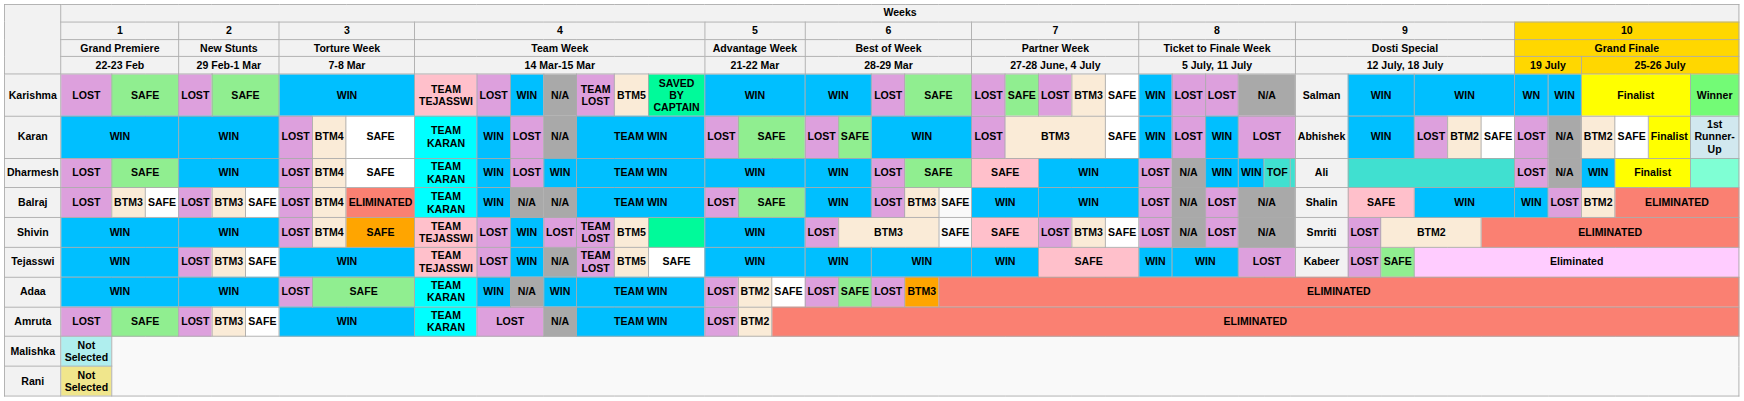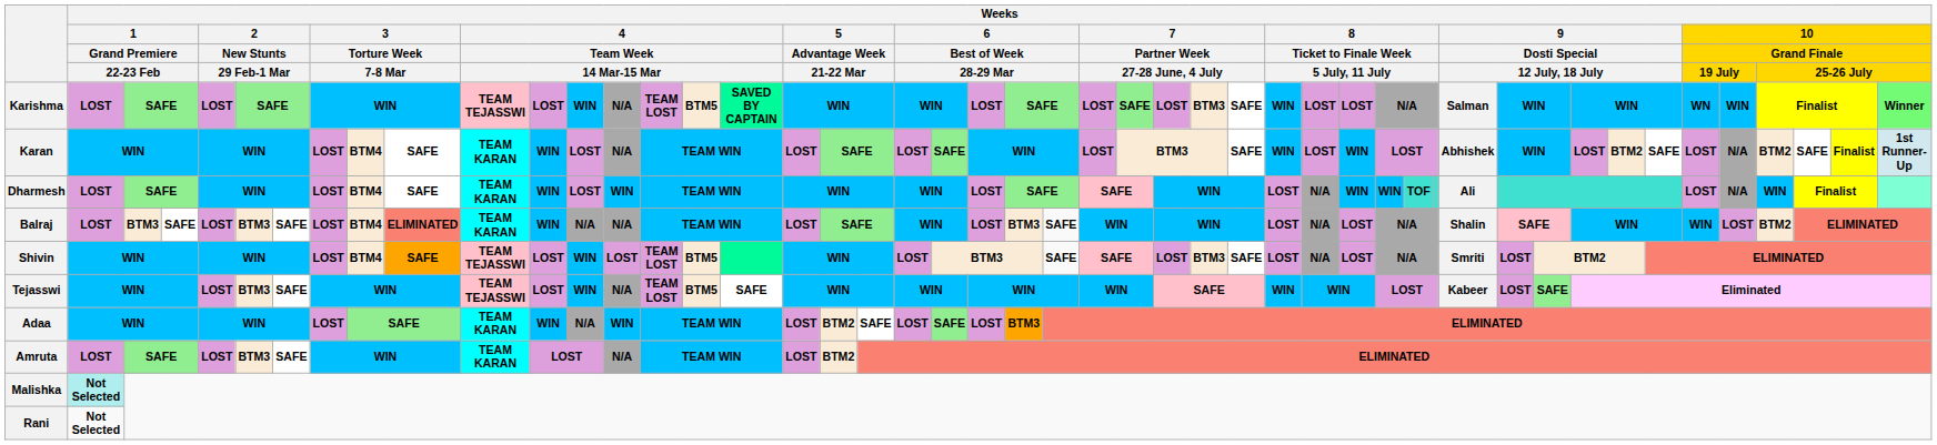 <table class="wikitable" border="2" class="wikitable" style="text-align:center; font-size:75%">
 <tr>
 <th rowspan="4"></th>
 <th colspan="51"><strong>Weeks</strong></th>
 </tr>
 <tr>
 <th colspan="3">1</th>
 <th colspan="4">2</th>
 <th colspan="4">3</th>
 <th colspan="8">4</th>
 <th colspan="3">5</th>
 <th colspan="5">6</th>
 <th colspan="5">7</th>
 <th colspan="6">8</th>
 <th colspan="6">9</th>
 <th colspan="7" style="background:gold;">10</th>
 </tr>
 <tr>
 <th colspan="3"><strong>Grand Premiere</strong></th>
 <th colspan="4"><strong>New Stunts</strong></th>
 <th colspan="4"><strong>Torture Week</strong></th>
 <th colspan="8"><strong>Team Week</strong></th>
 <th colspan="3"><strong>Advantage Week</strong></th>
 <th colspan="5"><strong>Best of Week</strong></th>
 <th colspan="5"><strong>Partner Week</strong></th>
 <th colspan="6"><strong>Ticket to Finale Week</strong></th>
 <th colspan="6"><strong>Dosti Special</strong></th>
 <th colspan="7" style="background:gold;"><strong>Grand Finale </strong></th>
 </tr>
 <tr>
 <th colspan="3">22-23 Feb</th>
 <th colspan="4">29 Feb-1 Mar</th>
 <th colspan="4">7-8 Mar</th>
 <th colspan="8">14 Mar-15 Mar</th>
 <th colspan="3">21-22 Mar</th>
 <th colspan="5">28-29 Mar</th>
 <th colspan="5">27-28 June, 4 July</th>
 <th colspan="6">5 July, 11 July</th>
 <th colspan="6">12 July, 18 July</th>
 <th colspan="2" style="background:gold;">19 July</th>
 <th colspan="5" style="background:gold;">25-26 July</th>
 </tr>
 <tr>
 <th>Karishma</th>
 <td style="background:plum;"><strong>LOST</strong></td>
 <td colspan="2" style="background:lightgreen;"><strong>SAFE</strong></td>
 <td style="background:plum;"><strong>LOST</strong></td>
 <td colspan="3" style="background:lightgreen;"><strong>SAFE</strong></td>
 <td colspan="4" style="background:deepskyblue;"><strong>WIN</strong></td>
 <th style="background:pink;">TEAM TEJASSWI</th>
 <td bgcolor="plum"><strong>LOST</strong></td>
 <td style="background:deepskyblue;"><strong>WIN</strong></td>
 <td style="background:darkgrey;"><strong>N/A</strong></td>
 <td colspan="1" bgcolor="plum"><strong>TEAM LOST</strong></td>
 <td bgcolor="antiquewhite"><strong>BTM5</strong></td>
 <td colspan="2" bgcolor="mediumspringgreen"><strong>SAVED BY CAPTAIN</strong></td>
 <td colspan="3" style="background:deepskyblue;"><strong>WIN</strong></td>
 <td colspan="2" style="background:deepskyblue;"><strong>WIN</strong></td>
 <td style="background:plum;"><strong>LOST</strong></td>
 <td colspan="2" style="background:lightgreen;"><strong>SAFE</strong></td>
 <td style="background:plum;"><strong>LOST</strong></td>
 <td colspan="1" style="background:lightgreen;"><strong>SAFE</strong></td>
 <td style="background:plum;"><strong>LOST</strong></td>
 <td style="background:antiquewhite;"><strong>BTM3</strong></td>
 <td style="background:white;"><strong>SAFE</strong></td>
 <td colspan="1" style="background:deepskyblue;"><strong>WIN</strong></td>
 <td style="background:plum;"><strong>LOST</strong></td>
 <td style="background:plum;"><strong>LOST</strong></td>
 <td colspan="3" style="background:darkgrey;"><strong>N/A</strong></td>
 <th>Salman</th>
 <td colspan="2" style="background:deepskyblue;"><strong>WIN</strong></td>
 <td colspan="3" style="background:deepskyblue;"><strong>WIN</strong></td>
 <td colspan="1" style="background:deepskyblue;"><strong>WN</strong></td>
 <td colspan="1" style="background:deepskyblue;"><strong>WIN</strong></td>
 <td colspan="4" style="background:yellow;"><strong>Finalist</strong></td>
 <td bgcolor="#73FB76"><strong>Winner</strong></td>
 </tr>
 <tr>
 <th>Karan</th>
 <td colspan="3" style="background:deepskyblue;"><strong>WIN</strong></td>
 <td colspan="4" style="background:deepskyblue;"><strong>WIN</strong></td>
 <td colspan="2" style="background:plum;"><strong>LOST</strong></td>
 <td style="background:antiquewhite;"><strong>BTM4</strong></td>
 <td style="background:white;"><strong>SAFE</strong></td>
 <td style="background:cyan;"><strong>TEAM KARAN</strong></td>
 <td bgcolor="deepskyblue"><strong>WIN</strong></td>
 <td style="background:plum;"><strong>LOST</strong></td>
 <td style="background:darkgrey;"><strong>N/A</strong></td>
 <td colspan="4" bgcolor="deepskyblue"><strong>TEAM WIN</strong></td>
 <td style="background:plum;"><strong>LOST</strong></td>
 <td colspan="2" style="background:lightgreen;"><strong>SAFE</strong></td>
 <td style="background:plum;"><strong>LOST</strong></td>
 <td style="background:lightgreen;"><strong>SAFE</strong></td>
 <td colspan="3" style="background:deepskyblue;"><strong>WIN</strong></td>
 <td colspan="1" style="background:plum;"><strong>LOST</strong></td>
 <td colspan="3" style="background: antiquewhite;"><strong>BTM3</strong></td>
 <td style="background:white;"><strong>SAFE</strong></td>
 <td colspan="1" style="background:deepskyblue;"><strong>WIN</strong></td>
 <td style="background:plum;"><strong>LOST</strong></td>
 <td style="background: deepskyblue;"><strong>WIN</strong></td>
 <td colspan="3" bgcolor="plum"><strong>LOST</strong></td>
 <th>Abhishek</th>
 <td colspan="2" style="background: deepskyblue;"><strong>WIN</strong></td>
 <td style="background:plum;"><strong>LOST</strong></td>
 <td style="background:antiquewhite;"><strong>BTM2</strong></td>
 <td style="background:white;"><strong>SAFE</strong></td>
 <td style="background:plum;"><strong>LOST</strong></td>
 <td style="background:darkgrey;"><strong>N/A</strong></td>
 <td style="background:antiquewhite;"><strong>BTM2</strong></td>
 <td style="background:white;"><strong>SAFE</strong></td>
 <td colspan="2" style="background:yellow;"><strong>Finalist</strong></td>
 <td bgcolor="#D1E8EF"><strong>1st Runner-Up</strong></td>
 </tr>
 <tr>
 <th>Dharmesh</th>
 <td style="background:plum;"><strong>LOST</strong></td>
 <td colspan="2" style="background:lightgreen;"><strong>SAFE</strong></td>
 <td colspan="4" style="background:deepskyblue;"><strong>WIN</strong></td>
 <td colspan="2" style="background:plum;"><strong>LOST</strong></td>
 <td style="background:antiquewhite;"><strong>BTM4</strong></td>
 <td style="background:white;"><strong>SAFE</strong></td>
 <td style="background:cyan;"><strong>TEAM KARAN</strong></td>
 <td bgcolor="deepskyblue"><strong>WIN</strong></td>
 <td style="background:plum;"><strong>LOST</strong></td>
 <td colspan="1" style="background:deepskyblue;"><strong>WIN</strong></td>
 <td colspan="4" style="background:deepskyblue;"><strong>TEAM WIN</strong></td>
 <td colspan="3" style="background:deepskyblue;"><strong>WIN</strong></td>
 <td colspan="2" style="background:deepskyblue;"><strong>WIN</strong></td>
 <td style="background:plum;"><strong>LOST</strong></td>
 <td colspan="2" style="background:lightgreen;"><strong>SAFE</strong></td>
 <td colspan="2" style="background:pink;"><strong>SAFE</strong></td>
 <td colspan="3" style="background:deepskyblue;"><strong>WIN</strong></td>
 <td style="background:plum;"><strong>LOST</strong></td>
 <td style="background:darkgrey;"><strong>N/A</strong></td>
 <td style="background:deepskyblue;"><strong>WIN</strong></td>
 <td style="background:deepskyblue;"><strong>WIN</strong></td>
 <td bgcolor="turquoise"><span><strong>TOF</strong></span></td>
 <td bgcolor="turquoise"></td>
 <th>Ali</th>
 <td colspan="5" bgcolor="turquoise"></td>
 <td style="background:plum;"><strong>LOST</strong></td>
 <td style="background:darkgrey;"><strong>N/A</strong></td>
 <td style="background:deepskyblue;"><strong>WIN</strong></td>
 <td colspan="3" style="background:yellow;"><strong>Finalist</strong></td>
 <td colspan="1" bgcolor="#7FFFD4"></td>
 </tr>
 <tr>
 <th>Balraj</th>
 <td style="background:plum;"><strong>LOST</strong></td>
 <td style="background:antiquewhite;"><strong>BTM3</strong></td>
 <td style="background:white;"><strong>SAFE</strong></td>
 <td colspan="2" bgcolor="plum"><strong>LOST</strong></td>
 <td style="background:antiquewhite;"><strong>BTM3</strong></td>
 <td style="background:white;"><strong>SAFE</strong></td>
 <td colspan="2" bgcolor="plum"><strong>LOST</strong></td>
 <td style="background:antiquewhite;"><strong>BTM4</strong></td>
 <td colspan="1" bgcolor="salmon"><strong>ELIMINATED</strong></td>
 <td style="background:cyan;"><strong>TEAM KARAN</strong></td>
 <td bgcolor="deepskyblue"><strong>WIN</strong></td>
 <td style="background:darkgrey;"><strong>N/A</strong></td>
 <td style="background:darkgrey;"><strong>N/A</strong></td>
 <td colspan="4" bgcolor="deepskyblue"><strong>TEAM WIN</strong></td>
 <td style="background:plum;"><strong>LOST</strong></td>
 <td colspan="2" style="background:lightgreen;"><strong>SAFE</strong></td>
 <td colspan="2" style="background:deepskyblue;"><strong>WIN</strong></td>
 <td style="background:plum;"><strong>LOST</strong></td>
 <td style="background:antiquewhite;"><strong>BTM3</strong></td>
 <td><strong>SAFE</strong></td>
 <td colspan="2" style="background:deepskyblue;"><strong>WIN</strong></td>
 <td colspan="3" style="background:deepskyblue;"><strong>WIN</strong></td>
 <td style="background:plum;"><strong>LOST</strong></td>
 <td style="background:darkgrey;"><strong>N/A</strong></td>
 <td style="background:plum;"><strong>LOST</strong></td>
 <td colspan="3" style="background:darkgrey;"><strong>N/A</strong></td>
 <th>Shalin</th>
 <td colspan="2" style="background:pink;"><strong>SAFE</strong></td>
 <td colspan="3" style="background:deepskyblue;"><strong>WIN</strong></td>
 <td colspan="1" style="background:deepskyblue;"><strong>WIN</strong></td>
 <td style="background:plum;"><strong>LOST</strong></td>
 <td style="background:antiquewhite;"><strong>BTM2</strong></td>
 <td colspan="4" style="background:salmon;"><strong>ELIMINATED</strong></td>
 </tr>
 <tr>
 <th>Shivin</th>
 <td colspan="3" style="background:deepskyblue;"><strong>WIN</strong></td>
 <td colspan="4" style="background:deepskyblue;"><strong>WIN</strong></td>
 <td colspan="2" bgcolor="plum"><strong>LOST</strong></td>
 <td style="background:antiquewhite;"><strong>BTM4</strong></td>
 <td style="background: orange;"><strong>SAFE</strong></td>
 <td style="background:pink;"><strong>TEAM TEJASSWI</strong></td>
 <td bgcolor="plum"><strong>LOST</strong></td>
 <td colspan="1" style="background:deepskyblue;"><strong>WIN</strong></td>
 <td style="background:plum;"><strong>LOST</strong></td>
 <td style="background:plum;"><strong>TEAM LOST</strong></td>
 <td bgcolor="antiquewhite"><strong>BTM5</strong></td>
 <td colspan="2" bgcolor="mediumspringgreen"></td>
 <td colspan="3" style="background:deepskyblue;"><strong>WIN</strong></td>
 <td style="background:plum;"><strong>LOST</strong></td>
 <td colspan="3" style="background:antiquewhite;"><strong>BTM3</strong></td>
 <td><strong>SAFE</strong></td>
 <td colspan="2"  style="background:pink;"><strong>SAFE</strong></td>
 <td style="background:plum;"><strong>LOST</strong></td>
 <td style="background:antiquewhite;"><strong>BTM3</strong></td>
 <td style="background:white;"><strong>SAFE</strong></td>
 <td style="background:plum;"><strong>LOST</strong></td>
 <td style="background:darkgrey;"><strong>N/A</strong></td>
 <td colspan="1"  style="background:plum;"><strong>LOST</strong></td>
 <td colspan="3" style="background:darkgrey;"><strong>N/A</strong></td>
 <th>Smriti</th>
 <td style="background:plum;"><strong>LOST</strong></td>
 <td colspan="3" style="background:antiquewhite;"><strong>BTM2</strong></td>
 <td colspan="8" bgcolor="salmon"><strong>ELIMINATED</strong></td>
 </tr>
 <tr>
 <th>Tejasswi</th>
 <td colspan="3" style="background:deepskyblue;"><strong>WIN</strong></td>
 <td colspan="2" bgcolor="plum"><strong>LOST</strong></td>
 <td style="background:antiquewhite;"><strong>BTM3</strong></td>
 <td style="background:white;"><strong>SAFE</strong></td>
 <td colspan="4" style="background:deepskyblue;"><strong>WIN</strong></td>
 <td style="background:pink;"><strong>TEAM TEJASSWI</strong></td>
 <td bgcolor="plum"><strong>LOST</strong></td>
 <td style="background:deepskyblue;"><strong>WIN</strong></td>
 <td style="background:darkgrey;"><strong>N/A</strong></td>
 <td colspan="1" bgcolor="plum"><strong>TEAM LOST</strong></td>
 <td bgcolor="antiquewhite"><strong>BTM5</strong></td>
 <td colspan="2" bgcolor="white"><strong>SAFE</strong></td>
 <td colspan="3" style="background:deepskyblue;"><strong>WIN</strong></td>
 <td colspan="2" style="background:deepskyblue;"><strong>WIN</strong></td>
 <td colspan="3" style="background:deepskyblue;"><strong>WIN</strong></td>
 <td colspan="2" style="background:deepskyblue;"><strong>WIN</strong></td>
 <td colspan="3" style="background:pink;"><strong>SAFE</strong></td>
 <td colspan="1" style="background:deepskyblue;"><strong>WIN</strong></td>
 <td colspan="2" style="background:deepskyblue;"><strong>WIN</strong></td>
 <td colspan="3" bgcolor="plum"><strong>LOST</strong></td>
 <th>Kabeer</th>
 <td style="background:plum;"><strong>LOST</strong></td>
 <td colspan="1" style="background:lightgreen;"><strong>SAFE</strong></td>
 <td colspan="10" style="background:#fcf"><strong>Eliminated </strong></td>
 </tr>
 <tr>
 <th>Adaa</th>
 <td colspan="3" style="background:deepskyblue;"><strong>WIN</strong></td>
 <td colspan="4" style="background:deepskyblue;"><strong>WIN</strong></td>
 <td style="background:plum;"><strong>LOST</strong></td>
 <td colspan="3" style="background:lightgreen;"><strong>SAFE</strong></td>
 <td style="background:cyan;"><strong>TEAM KARAN</strong></td>
 <td bgcolor="deepskyblue"><strong>WIN</strong></td>
 <td style="background:darkgrey;"><strong>N/A</strong></td>
 <td colspan="1" style="background:deepskyblue;"><strong>WIN</strong></td>
 <td colspan="4" bgcolor="deepskyblue"><strong>TEAM WIN</strong></td>
 <td style="background:plum;"><strong>LOST</strong></td>
 <td style="background:antiquewhite;"><strong>BTM2</strong></td>
 <td style="background:white;"><strong>SAFE</strong></td>
 <td style="background:plum;"><strong>LOST</strong></td>
 <td style="background:lightgreen;"><strong>SAFE</strong></td>
 <td style="background:plum;"><strong>LOST</strong></td>
 <td style="background: orange;"><strong>BTM3</strong></td>
 <td colspan="25" bgcolor="salmon"><strong>ELIMINATED</strong></td>
 </tr>
 <tr>
 <th>Amruta</th>
 <td style="background:plum;"><strong>LOST</strong></td>
 <td colspan="2" style="background:lightgreen;"><strong>SAFE</strong></td>
 <td colspan="2" bgcolor="plum"><strong>LOST</strong></td>
 <td style="background:antiquewhite;"><strong>BTM3</strong></td>
 <td style="background:white;"><strong>SAFE</strong></td>
 <td colspan="4" style="background:deepskyblue;"><strong>WIN</strong></td>
 <td style="background:cyan;"><strong>TEAM KARAN</strong></td>
 <td colspan="2" bgcolor="plum"><strong>LOST</strong></td>
 <td style="background:darkgrey;"><strong>N/A</strong></td>
 <td colspan="4" bgcolor="deepskyblue"><strong>TEAM WIN</strong></td>
 <td style="background:plum;"><strong>LOST</strong></td>
 <td style="background:antiquewhite;"><strong>BTM2</strong></td>
 <td colspan="30" bgcolor="salmon"><strong>ELIMINATED</strong></td>
 </tr>
 <tr>
 <th>Malishka</th>
 <td LOST style="background: paleturquoise;"><strong>Not Selected </strong></td>
 </tr>
 <tr>
 <th>Rani</th>
-<td style="background: khaki;"><strong>Not Selected </strong></td>
+<td><strong>Not Selected </strong></td>
 </tr>
 </table>
